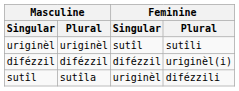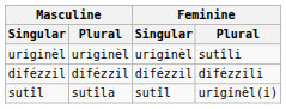 <table class="wikitable">
 <tr>
 <th colspan="2">Masculine</th>
 <th colspan="2">Feminine</th>
 </tr>
 <tr>
 <th>Singular</th>
 <th>Plural</th>
 <th>Singular</th>
 <th>Plural</th>
 </tr>
 <tr>
 <td>uriginèl</td>
 <td>uriginèl</td>
-<td>sutîl</td>
+<td>uriginèl</td>
 <td>sutîli</td>
 </tr>
 <tr>
 <td>difézzil</td>
 <td>difézzil</td>
 <td>difézzil</td>
-<td>uriginèl(i)</td>
+<td>difézzili</td>
 </tr>
 <tr>
 <td>sutîl</td>
 <td>sutîla</td>
-<td>uriginèl</td>
-<td>difézzili</td>
+<td>sutîl</td>
+<td>uriginèl(i)</td>
 </tr>
 </table>
